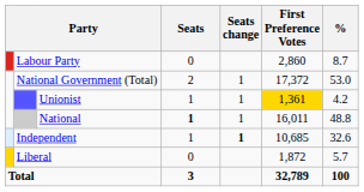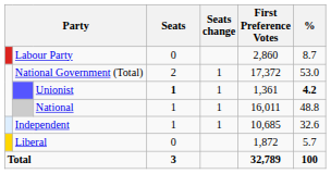 <table class="wikitable sortable">
 <tr>
 <th style="width:200px" colspan=3>Party</th>
 <th style="width:70px;">Seats</th>
 <th style="width:40px;">Seats change</th>
 <th style="width:40px;">First Preference Votes</th>
 <th style="width:40px;">%</th>
 </tr>
 <tr>
 <td style="background-color:#DC241f"> </td>
 <td colspan=2><a href='#'>Labour Party</a></td>
 <td align=center>0</td>
 <td align=center></td>
 <td align=center>2,860</td>
 <td align=center>8.7</td>
 </tr>
 <tr>
 <td rowspan= 3> </td>
 <td colspan=2><a href='#'>National Government</a> (Total)</td>
 <td align=center>2</td>
 <td align=center> 1</td>
 <td align=center>17,372</td>
 <td align=center>53.0</td>
 </tr>
 <tr>
 <td style="background-color:#5555FF"> </td>
 <td><a href='#'>Unionist</a></td>
-<td align=center>1</td>
+<td align=center><strong>1</strong></td>
 <td align=center> 1</td>
-<td align=center style="background: gold;">1,361</td>
-<td align=center>4.2</td>
+<td align=center>1,361</td>
+<td align=center><strong>4.2</strong></td>
 </tr>
 <tr>
 <td style="background-color:#cccccc"> </td>
 <td><a href='#'>National</a></td>
-<td align=center><strong>1</strong></td>
+<td align=center>1</td>
 <td align=center> 1</td>
 <td align=center>16,011</td>
 <td align=center>48.8</td>
 </tr>
 <tr>
 <td style="background-color:#DDEEFF"> </td>
 <td colspan=2><a href='#'>Independent</a></td>
 <td align=center>1</td>
-<td align=center><strong> 1</strong></td>
+<td align=center> 1</td>
 <td align=center>10,685</td>
 <td align=center>32.6</td>
 </tr>
 <tr>
 <td style="background-color:#FFD700"> </td>
 <td colspan=2><a href='#'>Liberal</a></td>
 <td align=center>0</td>
 <td align=center></td>
 <td align=center>1,872</td>
 <td align=center>5.7</td>
 </tr>
 <tr>
 <td colspan=3><strong>Total</strong></td>
 <td align=center><strong>3</strong></td>
 <td align=center></td>
 <td align=center><strong>32,789</strong></td>
 <td align=center><strong>100</strong></td>
 </tr>
 </table>
